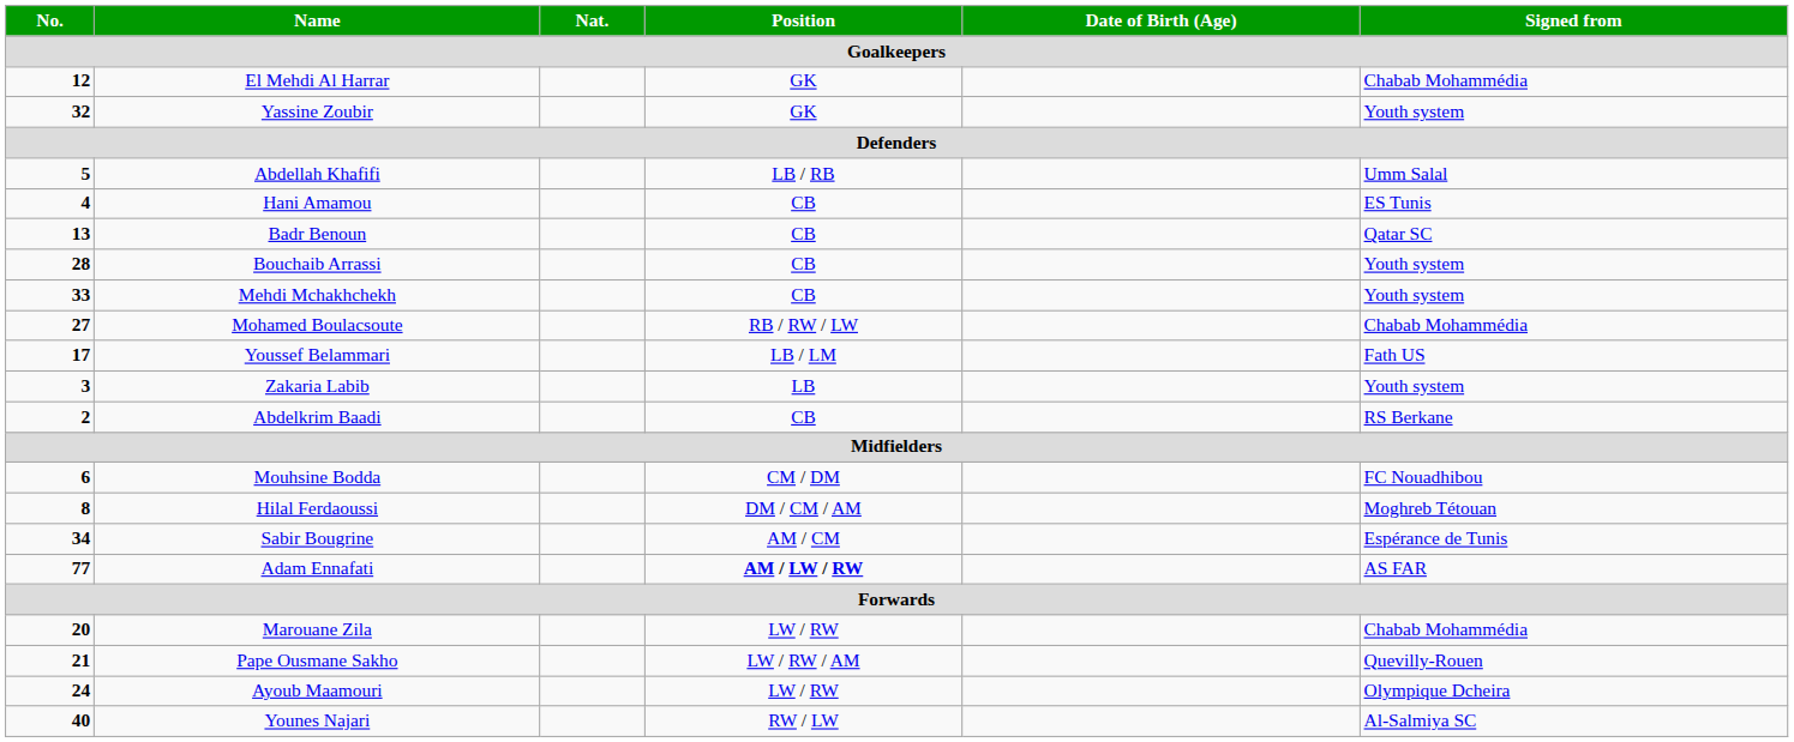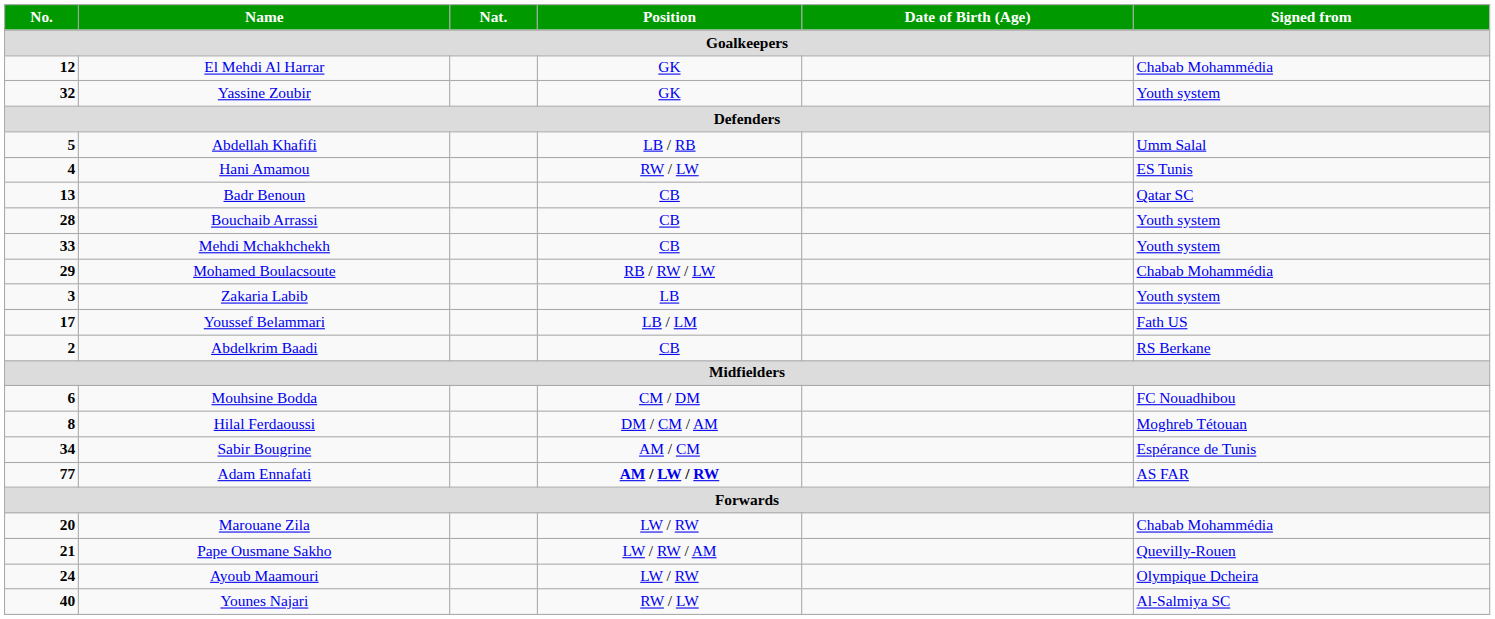 <table class="wikitable plainrowheaders sortable" style="text-align:center; font-size:90%; width:70%">
 <tr>
 <th style="background:#009900; color:#FFFFFF; ">No.</th>
 <th style="background:#009900; color:#FFFFFF; ">Name</th>
 <th style="background:#009900; color:#FFFFFF; ">Nat.</th>
 <th style="background:#009900; color:#FFFFFF; ">Position</th>
 <th style="background:#009900; color:#FFFFFF; ">Date of Birth (Age)</th>
 <th style="background:#009900; color:#FFFFFF; ">Signed from</th>
 </tr>
 <tr>
 <th colspan="6" style="background:#DCDCDC; text-align:center;">Goalkeepers</th>
 </tr>
 <tr>
 <td style="text-align:right"><strong>12</strong></td>
 <td><a href='#'>El Mehdi Al Harrar</a></td>
 <td></td>
 <td><a href='#'>GK</a></td>
 <td></td>
 <td style="text-align:left"> <a href='#'>Chabab Mohammédia</a></td>
 </tr>
 <tr>
 <td style="text-align:right"><strong>32</strong></td>
 <td><a href='#'>Yassine Zoubir</a></td>
 <td></td>
 <td><a href='#'>GK</a></td>
 <td></td>
 <td style="text-align:left"> <a href='#'>Youth system</a></td>
 </tr>
 <tr>
 <th colspan="6" style="background:#DCDCDC; text-align:center;">Defenders</th>
 </tr>
 <tr>
 <td style="text-align:right"><strong>5</strong></td>
 <td><a href='#'>Abdellah Khafifi</a></td>
 <td></td>
 <td><a href='#'>LB</a> / <a href='#'>RB</a></td>
 <td></td>
 <td style="text-align:left"> <a href='#'>Umm Salal</a></td>
 </tr>
 <tr>
 <td style="text-align:right"><strong>4</strong></td>
 <td><a href='#'>Hani Amamou</a></td>
 <td></td>
-<td><a href='#'>CB</a></td>
+<td><a href='#'>RW</a> / <a href='#'>LW</a></td>
 <td></td>
 <td style="text-align:left"> <a href='#'>ES Tunis</a></td>
 </tr>
 <tr>
 <td style="text-align:right"><strong>13</strong></td>
 <td><a href='#'>Badr Benoun</a></td>
 <td></td>
 <td><a href='#'>CB</a></td>
 <td></td>
 <td style="text-align:left"> <a href='#'>Qatar SC</a></td>
 </tr>
 <tr>
 <td style="text-align:right"><strong>28</strong></td>
 <td><a href='#'>Bouchaib Arrassi</a></td>
 <td></td>
 <td><a href='#'>CB</a></td>
 <td></td>
 <td style="text-align:left"> <a href='#'>Youth system</a></td>
 </tr>
 <tr>
 <td style="text-align:right"><strong>33</strong></td>
 <td><a href='#'>Mehdi Mchakhchekh</a></td>
 <td></td>
 <td><a href='#'>CB</a></td>
 <td></td>
 <td style="text-align:left"> <a href='#'>Youth system</a></td>
 </tr>
 <tr>
-<td style="text-align:right"><strong>27</strong></td>
+<td style="text-align:right"><strong>29</strong></td>
 <td><a href='#'>Mohamed Boulacsoute</a></td>
 <td></td>
 <td><a href='#'>RB</a> / <a href='#'>RW</a> / <a href='#'>LW</a></td>
 <td></td>
 <td style="text-align:left"> <a href='#'>Chabab Mohammédia</a></td>
+</tr>
+<tr>
+<td style="text-align:right"><strong>3</strong></td>
+<td><a href='#'>Zakaria Labib</a></td>
+<td></td>
+<td><a href='#'>LB</a></td>
+<td></td>
+<td style="text-align:left"> <a href='#'>Youth system</a></td>
 </tr>
 <tr>
 <td style="text-align:right"><strong>17</strong></td>
 <td><a href='#'>Youssef Belammari</a></td>
 <td></td>
 <td><a href='#'>LB</a> / <a href='#'>LM</a></td>
 <td></td>
 <td style="text-align:left"> <a href='#'>Fath US</a></td>
-</tr>
-<tr>
-<td style="text-align:right"><strong>3</strong></td>
-<td><a href='#'>Zakaria Labib</a></td>
-<td></td>
-<td><a href='#'>LB</a></td>
-<td></td>
-<td style="text-align:left"> <a href='#'>Youth system</a></td>
 </tr>
 <tr>
 <td style="text-align:right"><strong>2</strong></td>
 <td><a href='#'>Abdelkrim Baadi</a></td>
 <td></td>
 <td><a href='#'>CB</a></td>
 <td></td>
 <td style="text-align:left"> <a href='#'>RS Berkane</a></td>
 </tr>
 <tr>
 <th colspan="6" style="background:#DCDCDC; text-align:center;">Midfielders</th>
 </tr>
 <tr>
 <td style="text-align:right"><strong>6</strong></td>
 <td><a href='#'>Mouhsine Bodda</a></td>
 <td></td>
 <td><a href='#'>CM</a> / <a href='#'>DM</a></td>
 <td></td>
 <td style="text-align:left"> <a href='#'>FC Nouadhibou</a></td>
 </tr>
 <tr>
 <td style="text-align:right"><strong>8</strong></td>
 <td><a href='#'>Hilal Ferdaoussi</a></td>
 <td></td>
 <td><a href='#'>DM</a> / <a href='#'>CM</a> / <a href='#'>AM</a></td>
 <td></td>
 <td style="text-align:left"> <a href='#'>Moghreb Tétouan</a></td>
 </tr>
 <tr>
 <td style="text-align:right"><strong>34</strong></td>
 <td><a href='#'>Sabir Bougrine</a></td>
 <td></td>
 <td><a href='#'>AM</a> / <a href='#'>CM</a></td>
 <td></td>
 <td style="text-align:left"> <a href='#'>Espérance de Tunis</a></td>
 </tr>
 <tr>
 <td style="text-align:right"><strong>77</strong></td>
 <td><a href='#'>Adam Ennafati</a></td>
 <td></td>
 <td><strong><a href='#'>AM</a> / <a href='#'>LW</a> / <a href='#'>RW</a></strong></td>
 <td></td>
 <td style="text-align:left"> <a href='#'>AS FAR</a></td>
 </tr>
 <tr>
 <th colspan="6" style="background:#DCDCDC; text-align:center;">Forwards</th>
 </tr>
 <tr>
 <td style="text-align:right"><strong>20</strong></td>
 <td><a href='#'>Marouane Zila</a></td>
 <td></td>
 <td><a href='#'>LW</a> / <a href='#'>RW</a></td>
 <td></td>
 <td style="text-align:left"> <a href='#'>Chabab Mohammédia</a></td>
 </tr>
 <tr>
 <td style="text-align:right"><strong>21</strong></td>
 <td><a href='#'>Pape Ousmane Sakho</a></td>
 <td></td>
 <td><a href='#'>LW</a> / <a href='#'>RW</a> / <a href='#'>AM</a></td>
 <td></td>
 <td style="text-align:left"> <a href='#'>Quevilly-Rouen</a></td>
 </tr>
 <tr>
 <td style="text-align:right"><strong>24</strong></td>
 <td><a href='#'>Ayoub Maamouri</a></td>
 <td></td>
 <td><a href='#'>LW</a> / <a href='#'>RW</a></td>
 <td></td>
 <td style="text-align:left"> <a href='#'>Olympique Dcheira</a></td>
 </tr>
 <tr>
 <td style="text-align:right"><strong>40</strong></td>
 <td><a href='#'>Younes Najari</a></td>
 <td></td>
 <td><a href='#'>RW</a> / <a href='#'>LW</a></td>
 <td></td>
 <td style="text-align:left"> <a href='#'>Al-Salmiya SC</a></td>
 </tr>
 </table>
